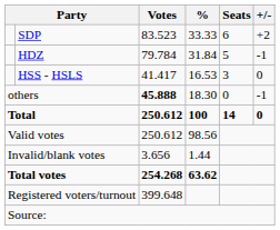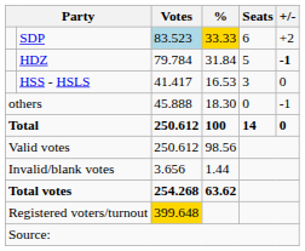 <table class="wikitable" style="text-align: left;">
 <tr>
 <th colspan="2">Party</th>
 <th>Votes</th>
 <th>%</th>
 <th>Seats</th>
 <th>+/-</th>
 </tr>
 <tr>
 <td style="background-color: "></td>
 <td><a href='#'>SDP</a></td>
-<td>83.523</td>
-<td>33.33</td>
+<td style="background: lightblue;">83.523</td>
+<td style="background: gold;">33.33</td>
 <td>6</td>
 <td>+2</td>
 </tr>
 <tr>
 <td style="background-color: "></td>
 <td><a href='#'>HDZ</a></td>
 <td>79.784</td>
 <td>31.84</td>
 <td>5</td>
-<td>-1</td>
+<td><strong>-1</strong></td>
 </tr>
 <tr>
 <td style="background-color: "></td>
 <td><a href='#'>HSS</a> - <a href='#'>HSLS</a></td>
 <td>41.417</td>
 <td>16.53</td>
 <td>3</td>
 <td>0</td>
 </tr>
 <tr>
 <td colspan="2">others</td>
-<td><strong>45.888</strong></td>
+<td>45.888</td>
 <td>18.30</td>
 <td>0</td>
 <td>-1</td>
 </tr>
 <tr>
 <td colspan="2"><strong>Total</strong></td>
 <td><strong>250.612</strong></td>
 <td><strong>100</strong></td>
 <td><strong>14</strong></td>
 <td><strong>0</strong></td>
 </tr>
 <tr>
 <td colspan="2">Valid votes</td>
 <td>250.612</td>
 <td>98.56</td>
 <td colspan="2"></td>
 </tr>
 <tr>
 <td colspan="2">Invalid/blank votes</td>
 <td>3.656</td>
 <td>1.44</td>
 <td colspan="2"></td>
 </tr>
 <tr>
 <td colspan="2"><strong>Total votes</strong></td>
 <td><strong>254.268</strong></td>
 <td><strong>63.62</strong></td>
 <td colspan="2"></td>
 </tr>
 <tr>
 <td colspan="2">Registered voters/turnout</td>
-<td votes14="5343">399.648</td>
+<td votes14="5343" style="background: gold;">399.648</td>
 <td></td>
 <td colspan="2"></td>
 </tr>
 <tr>
 <td colspan="6">Source: </td>
 </tr>
 </table>
